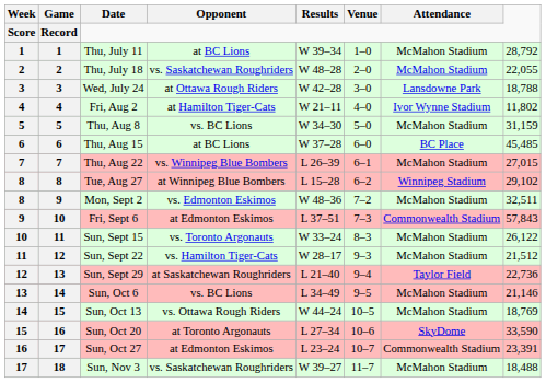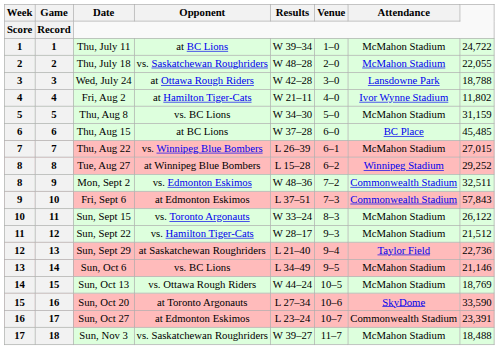 <table class="wikitable" style="text-align:center">
 <tr>
 <th>Week</th>
 <th>Game</th>
 <th>Date</th>
 <th>Opponent</th>
 <th>Results</th>
 <th>Venue</th>
 <th>Attendance</th>
 </tr>
 <tr>
 <th>Score</th>
 <th>Record</th>
 </tr>
 <tr style="background:#ddffdd">
 <th>1</th>
 <th>1</th>
 <td>Thu, July 11</td>
 <td>at <a href='#'>BC Lions</a></td>
 <td>W 39–34</td>
 <td>1–0</td>
 <td>McMahon Stadium</td>
-<td>28,792</td>
+<td>24,722</td>
 </tr>
 <tr style="background:#ddffdd">
 <th>2</th>
 <th>2</th>
 <td>Thu, July 18</td>
 <td>vs. <a href='#'>Saskatchewan Roughriders</a></td>
 <td>W 48–28</td>
 <td>2–0</td>
 <td><a href='#'>McMahon Stadium</a></td>
 <td>22,055</td>
 </tr>
 <tr style="background:#ddffdd">
 <th>3</th>
 <th>3</th>
 <td>Wed, July 24</td>
 <td>at <a href='#'>Ottawa Rough Riders</a></td>
 <td>W 42–28</td>
 <td>3–0</td>
 <td><a href='#'>Lansdowne Park</a></td>
 <td>18,788</td>
 </tr>
 <tr style="background:#ddffdd">
 <th>4</th>
 <th>4</th>
 <td>Fri, Aug 2</td>
 <td>at <a href='#'>Hamilton Tiger-Cats</a></td>
 <td>W 21–11</td>
 <td>4–0</td>
 <td><a href='#'>Ivor Wynne Stadium</a></td>
 <td>11,802</td>
 </tr>
 <tr style="background:#ddffdd">
 <th>5</th>
 <th>5</th>
 <td>Thu, Aug 8</td>
 <td>vs. BC Lions</td>
 <td>W 34–30 </td>
 <td>5–0</td>
 <td>McMahon Stadium</td>
 <td>31,159</td>
 </tr>
 <tr style="background:#ddffdd">
 <th>6</th>
 <th>6</th>
 <td>Thu, Aug 15</td>
 <td>at BC Lions</td>
 <td>W 37–28 </td>
 <td>6–0</td>
 <td><a href='#'>BC Place</a></td>
 <td>45,485</td>
 </tr>
 <tr style="background:#ffbbbb">
 <th>7</th>
 <th>7</th>
 <td>Thu, Aug 22</td>
 <td>vs. <a href='#'>Winnipeg Blue Bombers</a></td>
 <td>L 26–39</td>
 <td>6–1</td>
 <td>McMahon Stadium</td>
 <td>27,015</td>
 </tr>
 <tr style="background:#ffbbbb">
 <th>8</th>
 <th>8</th>
 <td>Tue, Aug 27</td>
 <td>at Winnipeg Blue Bombers</td>
 <td>L 15–28</td>
 <td>6–2</td>
 <td><a href='#'>Winnipeg Stadium</a></td>
-<td>29,102</td>
+<td>29,252</td>
 </tr>
 <tr style="background:#ddffdd">
 <th>8</th>
 <th>9</th>
 <td>Mon, Sept 2</td>
 <td>vs. <a href='#'>Edmonton Eskimos</a></td>
 <td>W 48–36</td>
 <td>7–2</td>
-<td>McMahon Stadium</td>
+<td><a href='#'>Commonwealth Stadium</a></td>
 <td>32,511</td>
 </tr>
 <tr style="background:#ffbbbb">
 <th>9</th>
 <th>10</th>
 <td>Fri, Sept 6</td>
 <td>at Edmonton Eskimos</td>
 <td>L 37–51</td>
 <td>7–3</td>
 <td><a href='#'>Commonwealth Stadium</a></td>
 <td>57,843</td>
 </tr>
 <tr style="background:#ddffdd">
 <th>10</th>
 <th>11</th>
 <td>Sun, Sept 15</td>
 <td>vs. <a href='#'>Toronto Argonauts</a></td>
 <td>W 33–24</td>
 <td>8–3</td>
 <td>McMahon Stadium</td>
 <td>26,122</td>
 </tr>
 <tr style="background:#ddffdd">
 <th>11</th>
 <th>12</th>
 <td>Sun, Sept 22</td>
 <td>vs. <a href='#'>Hamilton Tiger-Cats</a></td>
 <td>W 28–17</td>
 <td>9–3</td>
 <td>McMahon Stadium</td>
 <td>21,512</td>
 </tr>
 <tr style="background:#ffbbbb">
 <th>12</th>
 <th>13</th>
 <td>Sun, Sept 29</td>
 <td>at Saskatchewan Roughriders</td>
 <td>L 21–40</td>
 <td>9–4</td>
 <td><a href='#'>Taylor Field</a></td>
 <td>22,736</td>
 </tr>
 <tr style="background:#ffbbbb">
 <th>13</th>
 <th>14</th>
 <td>Sun, Oct 6</td>
 <td>vs. BC Lions</td>
 <td>L 34–49</td>
 <td>9–5</td>
 <td>McMahon Stadium</td>
 <td>21,146</td>
 </tr>
 <tr style="background:#ddffdd">
 <th>14</th>
 <th>15</th>
 <td>Sun, Oct 13</td>
 <td>vs. Ottawa Rough Riders</td>
 <td>W 44–24</td>
 <td>10–5</td>
 <td>McMahon Stadium</td>
 <td>18,769</td>
 </tr>
 <tr style="background:#ffbbbb">
 <th>15</th>
 <th>16</th>
 <td>Sun, Oct 20</td>
 <td>at Toronto Argonauts</td>
 <td>L 27–34</td>
 <td>10–6</td>
 <td><a href='#'>SkyDome</a></td>
 <td>33,590</td>
 </tr>
 <tr style="background:#ffbbbb">
 <th>16</th>
 <th>17</th>
 <td>Sun, Oct 27</td>
 <td>at Edmonton Eskimos</td>
 <td>L 23–24</td>
 <td>10–7</td>
 <td>Commonwealth Stadium</td>
 <td>23,391</td>
 </tr>
 <tr style="background:#ddffdd">
 <th>17</th>
 <th>18</th>
 <td>Sun, Nov 3</td>
 <td>vs. Saskatchewan Roughriders</td>
 <td>W 39–27</td>
 <td>11–7</td>
 <td>McMahon Stadium</td>
 <td>18,488</td>
 </tr>
 </table>
